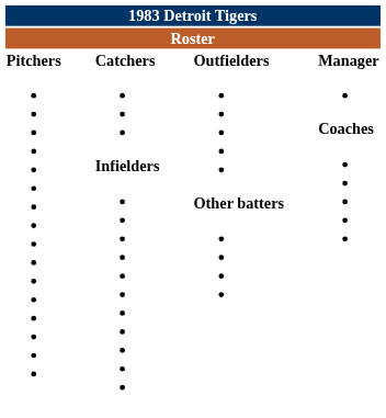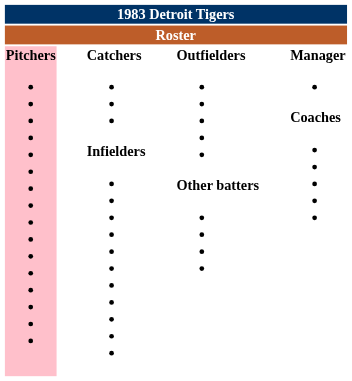 <table class="toccolours" style="font-size: 95%;">
 <tr>
 <th colspan="10" style="background-color: #003366; color: white; text-align: center;">1983 Detroit Tigers</th>
 </tr>
 <tr>
 <td colspan="10" style="background-color: #bd5d29; color: white; text-align: center;"><strong>Roster</strong></td>
 </tr>
 <tr>
-<td valign="top"><strong>Pitchers</strong><br><ul><li></li><li></li><li></li><li></li><li></li><li></li><li></li><li></li><li></li><li></li><li></li><li></li><li></li><li></li><li></li><li></li></ul></td>
+<td valign="top" style="background: pink;"><strong>Pitchers</strong><br><ul><li></li><li></li><li></li><li></li><li></li><li></li><li></li><li></li><li></li><li></li><li></li><li></li><li></li><li></li><li></li><li></li></ul></td>
 <td width="25px"></td>
 <td valign="top"><strong>Catchers</strong><br><ul><li></li><li></li><li></li></ul><strong>Infielders</strong><ul><li></li><li></li><li></li><li></li><li></li><li></li><li></li><li></li><li></li><li></li><li></li></ul></td>
 <td width="25px"></td>
 <td valign="top"><strong>Outfielders</strong><br><ul><li></li><li></li><li></li><li></li><li></li></ul><strong>Other batters</strong><ul><li></li><li></li><li></li><li></li></ul></td>
 <td width="25px"></td>
 <td valign="top"><strong>Manager</strong><br><ul><li></li></ul><strong>Coaches</strong><ul><li></li><li></li><li></li><li></li><li></li></ul></td>
 </tr>
 <tr>
 </tr>
 </table>
